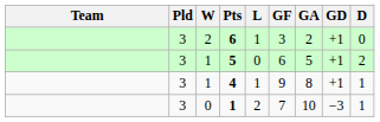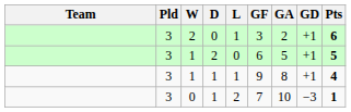 <table class="wikitable" style="text-align:center;">
 <tr>
 <th width=180>Team</th>
 <th width=20>Pld</th>
 <th width=20>W</th>
-<th width=20>Pts</th>
+<th width=20>D</th>
 <th width=20>L</th>
 <th width=20>GF</th>
 <th width=20>GA</th>
 <th width=20>GD</th>
-<th width=20>D</th>
+<th width=20>Pts</th>
 </tr>
 <tr style="background:#cfc;">
 <td align="left"><em></em></td>
 <td>3</td>
 <td>2</td>
-<td><strong>6</strong></td>
+<td>0</td>
 <td>1</td>
 <td>3</td>
 <td>2</td>
 <td>+1</td>
-<td>0</td>
+<td><strong>6</strong></td>
 </tr>
 <tr style="background:#cfc;">
 <td align="left"></td>
 <td>3</td>
 <td>1</td>
-<td><strong>5</strong></td>
+<td>2</td>
 <td>0</td>
 <td>6</td>
 <td>5</td>
 <td>+1</td>
-<td>2</td>
+<td><strong>5</strong></td>
 </tr>
 <tr>
 <td align="left"></td>
 <td>3</td>
 <td>1</td>
-<td><strong>4</strong></td>
+<td>1</td>
 <td>1</td>
 <td>9</td>
 <td>8</td>
 <td>+1</td>
-<td>1</td>
+<td><strong>4</strong></td>
 </tr>
 <tr>
 <td align="left"></td>
 <td>3</td>
 <td>0</td>
-<td><strong>1</strong></td>
+<td>1</td>
 <td>2</td>
 <td>7</td>
 <td>10</td>
 <td>−3</td>
-<td>1</td>
+<td><strong>1</strong></td>
 </tr>
 </table>
